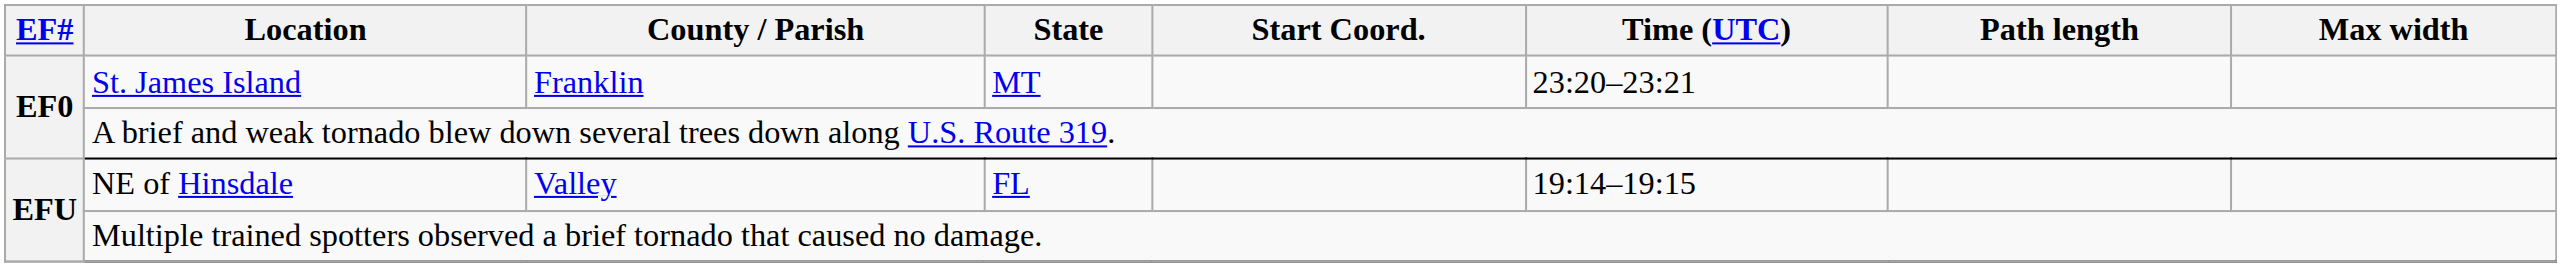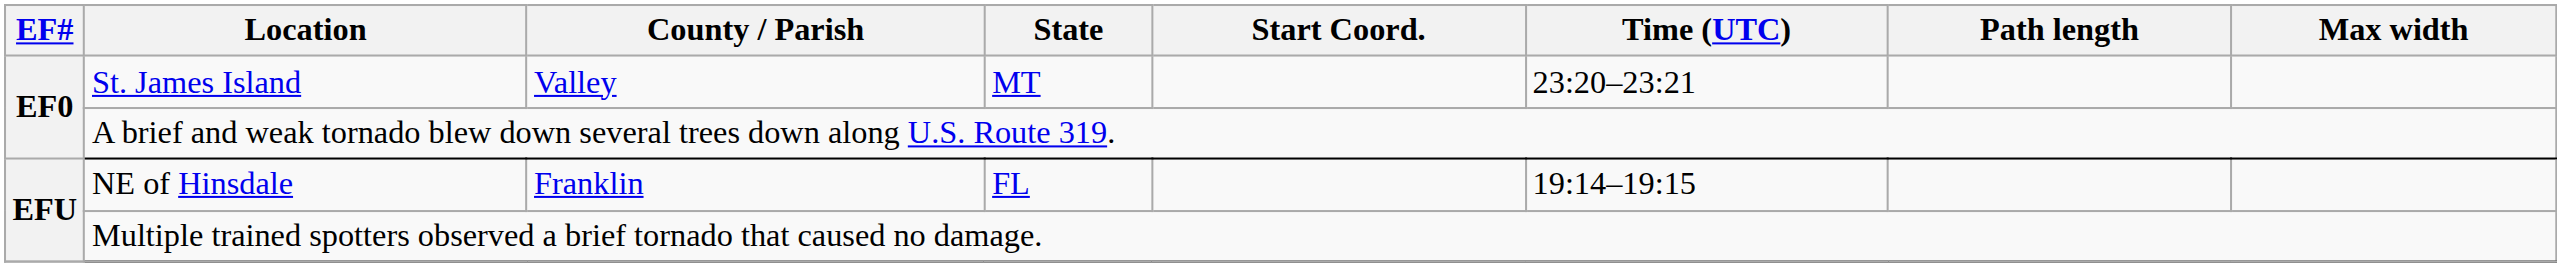 <table class="wikitable sortable" style="width:100%;">
 <tr>
 <th scope="col" width="2%" align="center"><a href='#'>EF#</a></th>
 <th scope="col" align="center" class="unsortable">Location</th>
 <th scope="col" align="center" class="unsortable">County / Parish</th>
 <th scope="col" align="center">State</th>
 <th scope="col" align="center">Start Coord.</th>
 <th scope="col" align="center">Time (<a href='#'>UTC</a>)</th>
 <th scope="col" align="center">Path length</th>
 <th scope="col" align="center">Max width</th>
 </tr>
 <tr>
 <th scope="row" rowspan="2" style="background-color:#">EF0</th>
 <td><a href='#'>St. James Island</a></td>
-<td><a href='#'>Franklin</a></td>
+<td><a href='#'>Valley</a></td>
 <td><a href='#'>MT</a></td>
 <td></td>
 <td>23:20–23:21</td>
 <td></td>
 <td></td>
 </tr>
 <tr class="expand-child">
 <td colspan="8" style=" border-bottom: 1px solid black;">A brief and weak tornado blew down several trees down along <a href='#'>U.S. Route 319</a>.</td>
 </tr>
 <tr>
 <th scope="row" rowspan="2" style="background-color:#">EFU</th>
 <td>NE of <a href='#'>Hinsdale</a></td>
-<td><a href='#'>Valley</a></td>
+<td><a href='#'>Franklin</a></td>
 <td><a href='#'>FL</a></td>
 <td></td>
 <td>19:14–19:15</td>
 <td></td>
 <td></td>
 </tr>
 <tr class="expand-child">
 <td colspan="8" style=" border-bottom: 1px solid black;">Multiple trained spotters observed a brief tornado that caused no damage.</td>
 </tr>
 <tr>
 </tr>
 </table>
